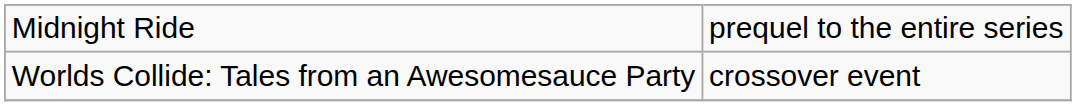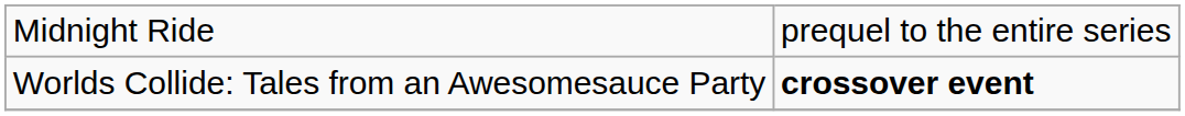 <table class=wikitable>
 <tr>
 <td>Midnight Ride</td>
 <td>prequel to the entire series</td>
 </tr>
 <tr>
 <td>Worlds Collide: Tales from an Awesomesauce Party</td>
-<td>crossover event</td>
+<td><strong>crossover event</strong></td>
 </tr>
 <tr>
 </tr>
 </table>
